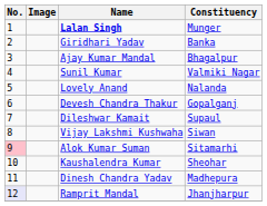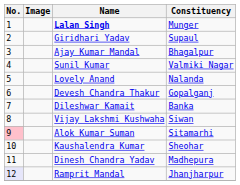 <table class="wikitable sortable">
 <tr>
 <th style="background-color:">No.</th>
 <th style="background-color:">Image</th>
 <th style="background-color:">Name</th>
 <th style="background-color:">Constituency</th>
 </tr>
 <tr>
 <td>1</td>
 <td></td>
 <td><strong><a href='#'>Lalan Singh</a></strong></td>
 <td><a href='#'>Munger</a></td>
 </tr>
 <tr>
 <td>2</td>
 <td></td>
 <td><a href='#'>Giridhari Yadav</a></td>
-<td><a href='#'>Banka</a></td>
+<td><a href='#'>Supaul</a></td>
 </tr>
 <tr>
 <td>3</td>
 <td></td>
 <td><a href='#'>Ajay Kumar Mandal</a></td>
 <td><a href='#'>Bhagalpur</a></td>
 </tr>
 <tr>
 <td>4</td>
 <td></td>
 <td><a href='#'>Sunil Kumar</a></td>
 <td><a href='#'>Valmiki Nagar</a></td>
 </tr>
 <tr>
 <td>5</td>
 <td></td>
 <td><a href='#'>Lovely Anand</a></td>
 <td><a href='#'>Nalanda</a></td>
 </tr>
 <tr>
 <td>6</td>
 <td></td>
 <td><a href='#'>Devesh Chandra Thakur</a></td>
 <td><a href='#'>Gopalganj</a></td>
 </tr>
 <tr>
 <td>7</td>
 <td></td>
 <td><a href='#'>Dileshwar Kamait</a></td>
-<td><a href='#'>Supaul</a></td>
+<td><a href='#'>Banka</a></td>
 </tr>
 <tr>
 <td>8</td>
 <td></td>
 <td><a href='#'>Vijay Lakshmi Kushwaha</a></td>
 <td><a href='#'>Siwan</a></td>
 </tr>
 <tr>
 <td style="background: pink;">9</td>
 <td></td>
 <td><a href='#'>Alok Kumar Suman</a></td>
 <td><a href='#'>Sitamarhi</a></td>
 </tr>
 <tr>
 <td>10</td>
 <td></td>
 <td><a href='#'>Kaushalendra Kumar</a></td>
 <td><a href='#'>Sheohar</a></td>
 </tr>
 <tr>
 <td>11</td>
 <td></td>
 <td><a href='#'>Dinesh Chandra Yadav</a></td>
 <td><a href='#'>Madhepura</a></td>
 </tr>
 <tr>
 <td style="background: lavender;">12</td>
 <td></td>
 <td><a href='#'>Ramprit Mandal</a></td>
 <td><a href='#'>Jhanjharpur</a></td>
 </tr>
 <tr>
 </tr>
 </table>
